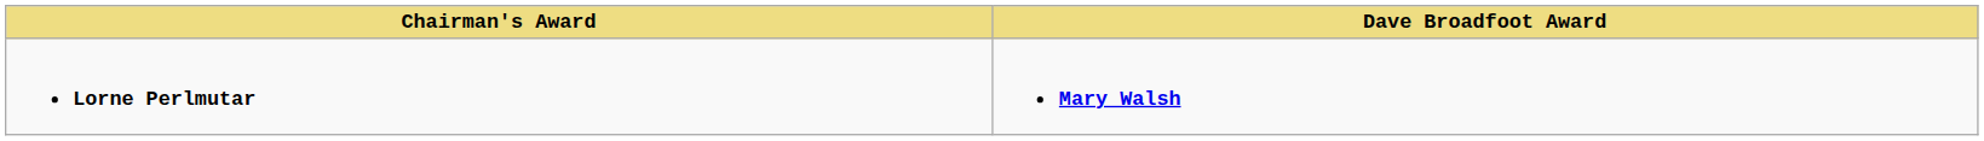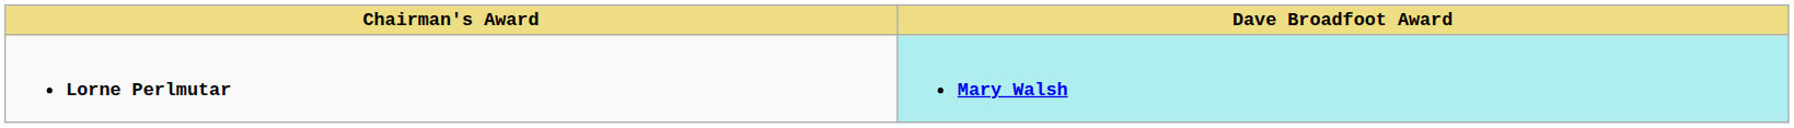 <table class="wikitable" style="width:100%">
 <tr>
 <th style="background:#EEDD82; width:50%">Chairman's Award</th>
 <th style="background:#EEDD82; width:50%">Dave Broadfoot Award</th>
 </tr>
 <tr>
 <td valign="top"><br><ul><li> <strong>Lorne Perlmutar</strong></li></ul></td>
-<td valign="top"><br><ul><li> <strong><a href='#'>Mary Walsh</a></strong></li></ul></td>
+<td valign="top" style="background: paleturquoise;"><br><ul><li> <strong><a href='#'>Mary Walsh</a></strong></li></ul></td>
 </tr>
 </table>
